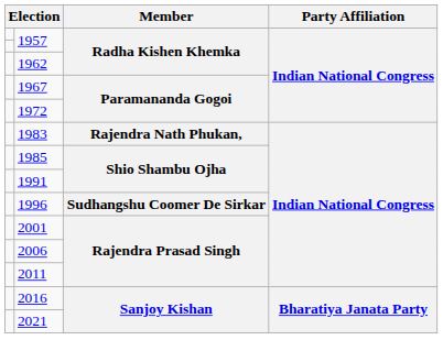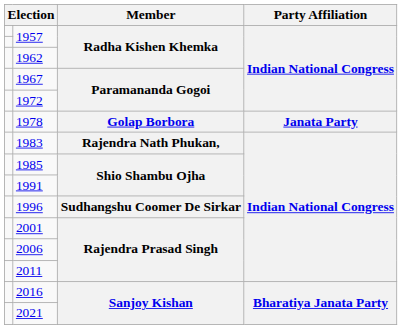 <table class="wikitable sortable">
 <tr>
 <th colspan="2">Election</th>
 <th>Member</th>
 <th>Party Affiliation</th>
 </tr>
 <tr>
 <td style="background-color: "></td>
 <td rowspan="2"><a href='#'>1957</a></td>
 <th rowspan="3">Radha Kishen Khemka</th>
 <th rowspan="5"><a href='#'>Indian National Congress</a></th>
 </tr>
 <tr>
 <td style="background-color: "></td>
 </tr>
 <tr>
 <td style="background-color: "></td>
 <td><a href='#'>1962</a></td>
 </tr>
 <tr>
 <td style="background-color: "></td>
 <td><a href='#'>1967</a></td>
 <th rowspan="2">Paramananda Gogoi</th>
 </tr>
 <tr>
 <td style="background-color: "></td>
 <td><a href='#'>1972</a></td>
+</tr>
+<tr>
+<td style="background-color: "></td>
+<td><a href='#'>1978</a></td>
+<th><a href='#'>Golap Borbora</a></th>
+<th><a href='#'>Janata Party</a></th>
 </tr>
 <tr>
 <td style="background-color: "></td>
 <td><a href='#'>1983</a></td>
 <th>Rajendra Nath Phukan,</th>
 <th rowspan="7"><a href='#'>Indian National Congress</a></th>
 </tr>
 <tr>
 <td style="background-color: "></td>
 <td><a href='#'>1985</a></td>
 <th rowspan="2">Shio Shambu Ojha</th>
 </tr>
 <tr>
 <td style="background-color: "></td>
 <td><a href='#'>1991</a></td>
 </tr>
 <tr>
 <td style="background-color: "></td>
 <td><a href='#'>1996</a></td>
 <th>Sudhangshu Coomer De Sirkar</th>
 </tr>
 <tr>
 <td style="background-color: "></td>
 <td><a href='#'>2001</a></td>
 <th rowspan="3">Rajendra Prasad Singh</th>
 </tr>
 <tr>
 <td style="background-color: "></td>
 <td><a href='#'>2006</a></td>
 </tr>
 <tr>
 <td style="background-color: "></td>
 <td><a href='#'>2011</a></td>
 </tr>
 <tr>
 <td style="background-color: "></td>
 <td><a href='#'>2016</a></td>
 <th rowspan="2"><a href='#'>Sanjoy Kishan</a></th>
 <th rowspan="2"><a href='#'>Bharatiya Janata Party</a></th>
 </tr>
 <tr>
 <td style="background-color: "></td>
 <td><a href='#'>2021</a></td>
 </tr>
 </table>
